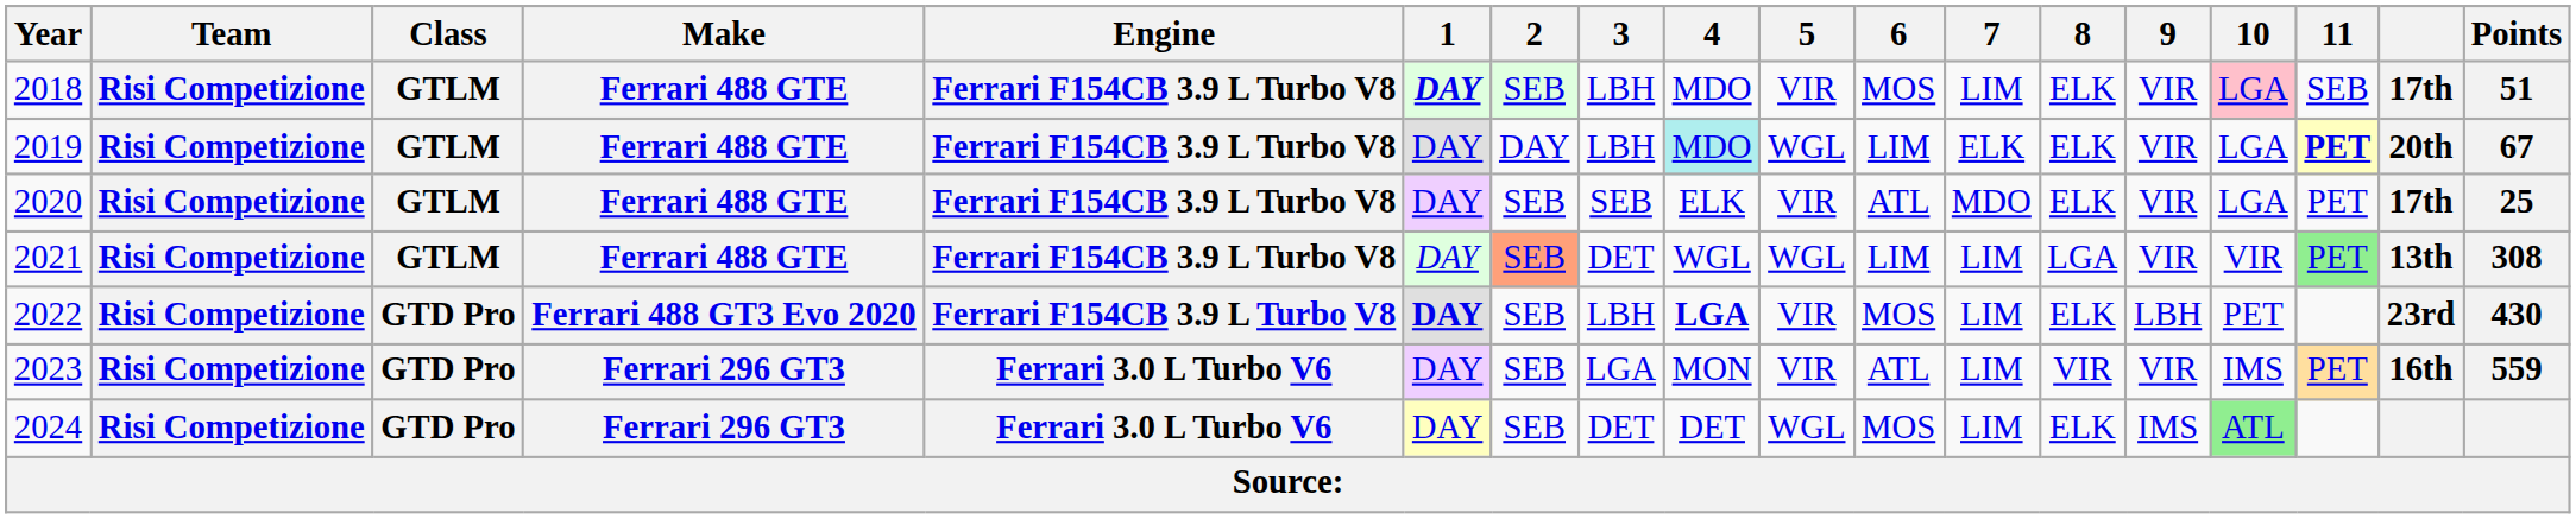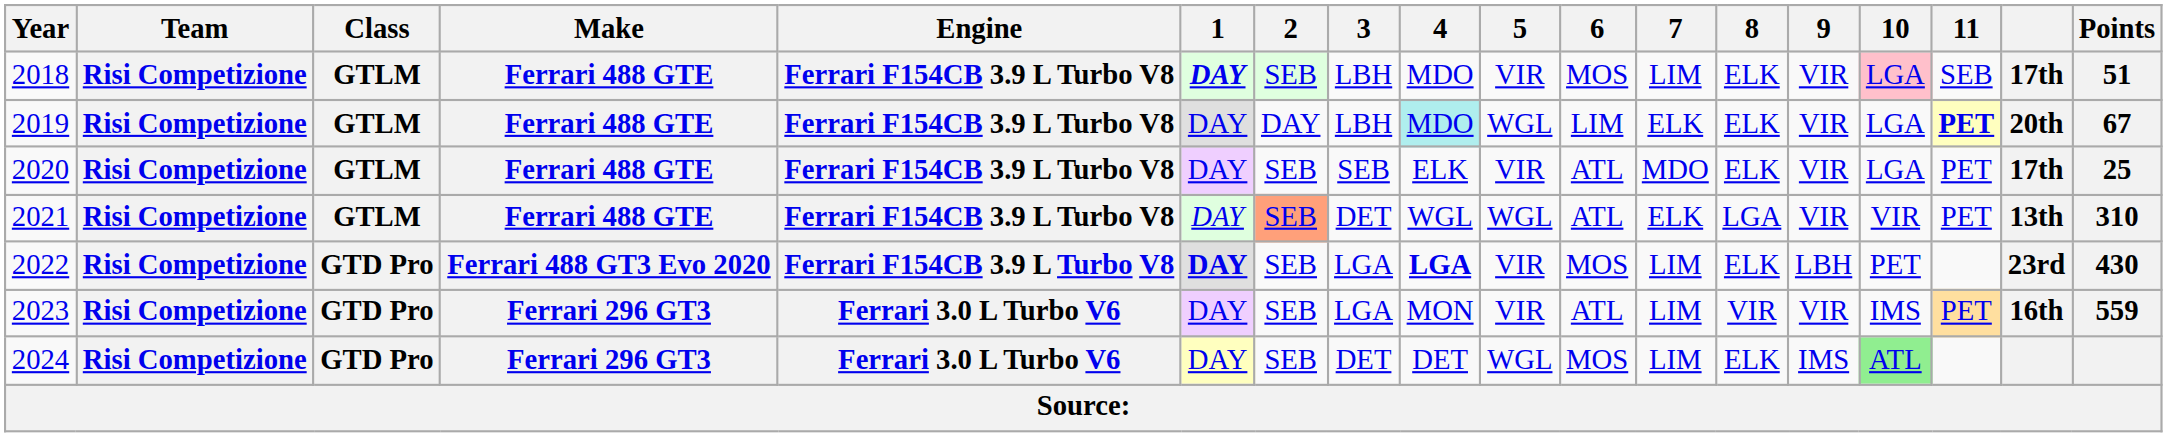 <table class="wikitable" style="text-align:center; font-size:85%">
 <tr>
 <th>Year</th>
 <th>Team</th>
 <th>Class</th>
 <th>Make</th>
 <th>Engine</th>
 <th>1</th>
 <th>2</th>
 <th>3</th>
 <th>4</th>
 <th>5</th>
 <th>6</th>
 <th>7</th>
 <th>8</th>
 <th>9</th>
 <th>10</th>
 <th>11</th>
 <th></th>
 <th>Points</th>
 </tr>
 <tr>
 <td><a href='#'>2018</a></td>
 <th nowrap><a href='#'>Risi Competizione</a></th>
 <th>GTLM</th>
 <th nowrap><a href='#'>Ferrari 488 GTE</a></th>
 <th nowrap><a href='#'>Ferrari F154CB</a> 3.9 L Turbo V8</th>
 <td style="background:#DFFFDF;"><strong><em><a href='#'>DAY</a></em><br></strong></td>
 <td style="background:#DFFFDF;"><a href='#'>SEB</a><br></td>
 <td><a href='#'>LBH</a></td>
 <td><a href='#'>MDO</a></td>
 <td><a href='#'>VIR</a></td>
 <td><a href='#'>MOS</a></td>
 <td><a href='#'>LIM</a></td>
 <td><a href='#'>ELK</a></td>
 <td><a href='#'>VIR</a></td>
 <td style="background: pink;"><a href='#'>LGA</a></td>
 <td><a href='#'>SEB</a></td>
 <th>17th</th>
 <th>51</th>
 </tr>
 <tr>
 <td><a href='#'>2019</a></td>
 <th nowrap><a href='#'>Risi Competizione</a></th>
 <th>GTLM</th>
 <th nowrap><a href='#'>Ferrari 488 GTE</a></th>
 <th nowrap><a href='#'>Ferrari F154CB</a> 3.9 L Turbo V8</th>
 <td style="background:#DFDFDF;"><a href='#'>DAY</a><br></td>
 <td><a href='#'>DAY</a></td>
 <td><a href='#'>LBH</a></td>
 <td style="background: paleturquoise;"><a href='#'>MDO</a></td>
 <td><a href='#'>WGL</a></td>
 <td><a href='#'>LIM</a></td>
 <td><a href='#'>ELK</a></td>
 <td><a href='#'>ELK</a></td>
 <td><a href='#'>VIR</a></td>
 <td><a href='#'>LGA</a></td>
 <td style="background:#FFFFBF;"><strong><a href='#'>PET</a></strong><br></td>
 <th>20th</th>
 <th>67</th>
 </tr>
 <tr>
 <td><a href='#'>2020</a></td>
 <th nowrap><a href='#'>Risi Competizione</a></th>
 <th>GTLM</th>
 <th nowrap><a href='#'>Ferrari 488 GTE</a></th>
 <th nowrap><a href='#'>Ferrari F154CB</a> 3.9 L Turbo V8</th>
 <td style="background:#EFCFFF;"><a href='#'>DAY</a><br></td>
 <td><a href='#'>SEB</a></td>
 <td><a href='#'>SEB</a></td>
 <td><a href='#'>ELK</a></td>
 <td><a href='#'>VIR</a></td>
 <td><a href='#'>ATL</a></td>
 <td><a href='#'>MDO</a></td>
 <td style="background:"><a href='#'>ELK</a><br></td>
 <td><a href='#'>VIR</a></td>
 <td><a href='#'>LGA</a></td>
 <td><a href='#'>PET</a></td>
 <th>17th</th>
 <th>25</th>
 </tr>
 <tr>
 <td><a href='#'>2021</a></td>
 <th nowrap><a href='#'>Risi Competizione</a></th>
 <th>GTLM</th>
 <th nowrap><a href='#'>Ferrari 488 GTE</a></th>
 <th nowrap><a href='#'>Ferrari F154CB</a> 3.9 L Turbo V8</th>
 <td style="background:#DFFFDF;"><em><a href='#'>DAY</a></em><br></td>
 <td style="background: lightsalmon;"><a href='#'>SEB</a></td>
 <td><a href='#'>DET</a></td>
 <td><a href='#'>WGL</a></td>
 <td><a href='#'>WGL</a></td>
-<td><a href='#'>LIM</a></td>
-<td><a href='#'>LIM</a></td>
+<td><a href='#'>ATL</a></td>
+<td><a href='#'>ELK</a></td>
 <td><a href='#'>LGA</a></td>
 <td style="background:"><a href='#'>VIR</a><br></td>
 <td><a href='#'>VIR</a></td>
-<td style="background: lightgreen;"><a href='#'>PET</a></td>
+<td><a href='#'>PET</a></td>
 <th>13th</th>
-<th>308</th>
+<th>310</th>
 </tr>
 <tr>
 <td><a href='#'>2022</a></td>
 <th nowrap><a href='#'>Risi Competizione</a></th>
 <th nowrap>GTD Pro</th>
 <th nowrap><a href='#'>Ferrari 488 GT3 Evo 2020</a></th>
 <th nowrap><a href='#'>Ferrari F154CB</a> 3.9 L <a href='#'>Turbo</a> <a href='#'>V8</a></th>
 <td style="background:#DFDFDF;"><strong><a href='#'>DAY</a><br></strong></td>
 <td style="background:"><a href='#'>SEB</a><br></td>
-<td style="background:"><a href='#'>LBH</a><br></td>
+<td><a href='#'>LGA</a></td>
 <td style="background:"><strong><a href='#'>LGA</a><br></strong></td>
 <td><a href='#'>VIR</a></td>
 <td style="background:"><a href='#'>MOS</a><br></td>
 <td style="background:"><a href='#'>LIM</a><br></td>
 <td style="background:"><a href='#'>ELK</a><br></td>
 <td><a href='#'>LBH</a></td>
 <td style="background:"><a href='#'>PET</a><br></td>
 <td></td>
 <th>23rd</th>
 <th>430</th>
 </tr>
 <tr>
 <td><a href='#'>2023</a></td>
 <th nowrap><a href='#'>Risi Competizione</a></th>
 <th nowrap>GTD Pro</th>
 <th nowrap><a href='#'>Ferrari 296 GT3</a></th>
 <th nowrap><a href='#'>Ferrari</a> 3.0 L Turbo <a href='#'>V6</a></th>
 <td style="background:#EFCFFF;"><a href='#'>DAY</a><br></td>
 <td><a href='#'>SEB</a><br></td>
 <td><a href='#'>LGA</a></td>
 <td><a href='#'>MON</a><br></td>
 <td><a href='#'>VIR</a></td>
 <td><a href='#'>ATL</a></td>
 <td><a href='#'>LIM</a><br></td>
 <td><a href='#'>VIR</a></td>
 <td><a href='#'>VIR</a><br></td>
 <td><a href='#'>IMS</a></td>
 <td style="background:#FFDF9F;”"><a href='#'>PET</a><br></td>
 <th>16th</th>
 <th>559</th>
 </tr>
 <tr>
 <td><a href='#'>2024</a></td>
 <th nowrap><a href='#'>Risi Competizione</a></th>
 <th nowrap>GTD Pro</th>
 <th nowrap><a href='#'>Ferrari 296 GT3</a></th>
 <th nowrap><a href='#'>Ferrari</a> 3.0 L Turbo <a href='#'>V6</a></th>
 <td style="background:#FFFFBF;"><a href='#'>DAY</a><br></td>
 <td><a href='#'>SEB</a></td>
 <td><a href='#'>DET</a></td>
 <td><a href='#'>DET</a></td>
 <td><a href='#'>WGL</a></td>
 <td><a href='#'>MOS</a></td>
 <td style="background:"><a href='#'>LIM</a><br></td>
 <td><a href='#'>ELK</a><br></td>
 <td><a href='#'>IMS</a></td>
 <td style="background: lightgreen;"><a href='#'>ATL</a></td>
 <td></td>
 <th></th>
 <th></th>
 </tr>
 <tr>
 <th colspan="18">Source:</th>
 </tr>
 </table>
